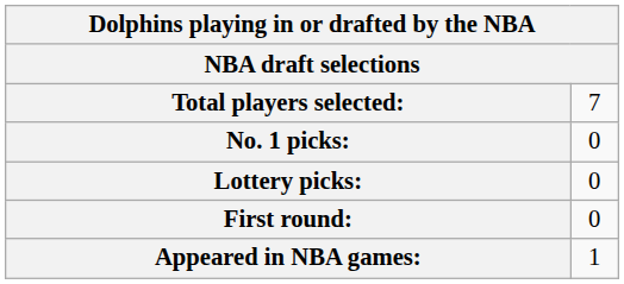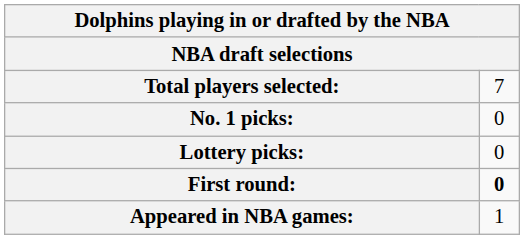 <table class="wikitable" style="width: 25em; text-align: right; font-size: 100%;">
 <tr>
 <th colspan="2">Dolphins playing in or drafted by the NBA</th>
 </tr>
 <tr>
 <th colspan="2">NBA draft selections</th>
 </tr>
 <tr Le Moyne Dolphins>
 <th>Total players selected:</th>
 <td align=center>7</td>
 </tr>
 <tr>
 <th>No. 1 picks:</th>
 <td align=center>0</td>
 </tr>
 <tr>
 <th>Lottery picks:</th>
 <td align=center>0</td>
 </tr>
 <tr>
 <th>First round:</th>
-<td align=center>0</td>
+<td align=center><strong>0</strong></td>
 </tr>
 <tr>
 <th>Appeared in NBA games:</th>
 <td align=center>1</td>
 </tr>
 </table>
